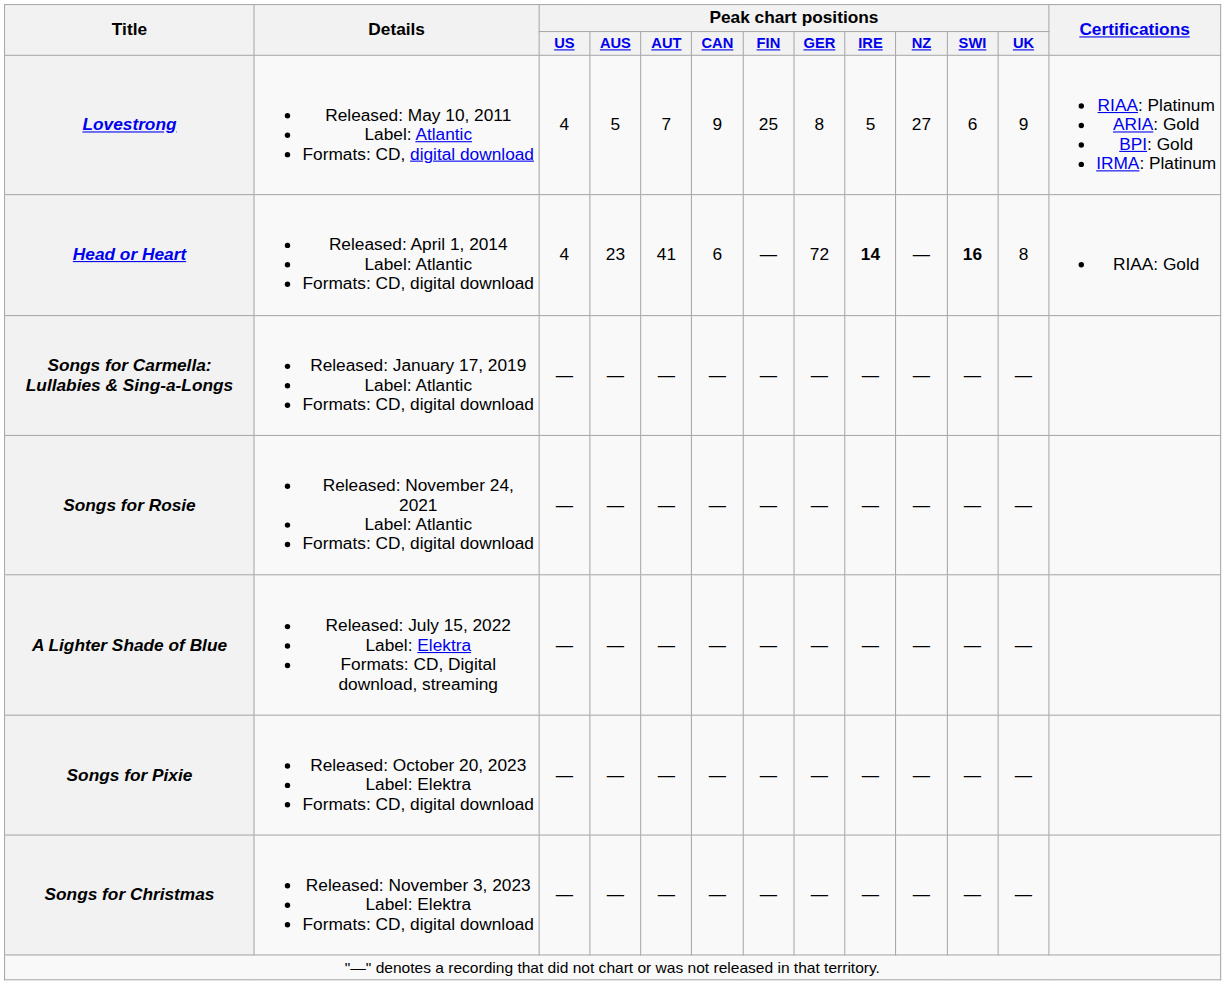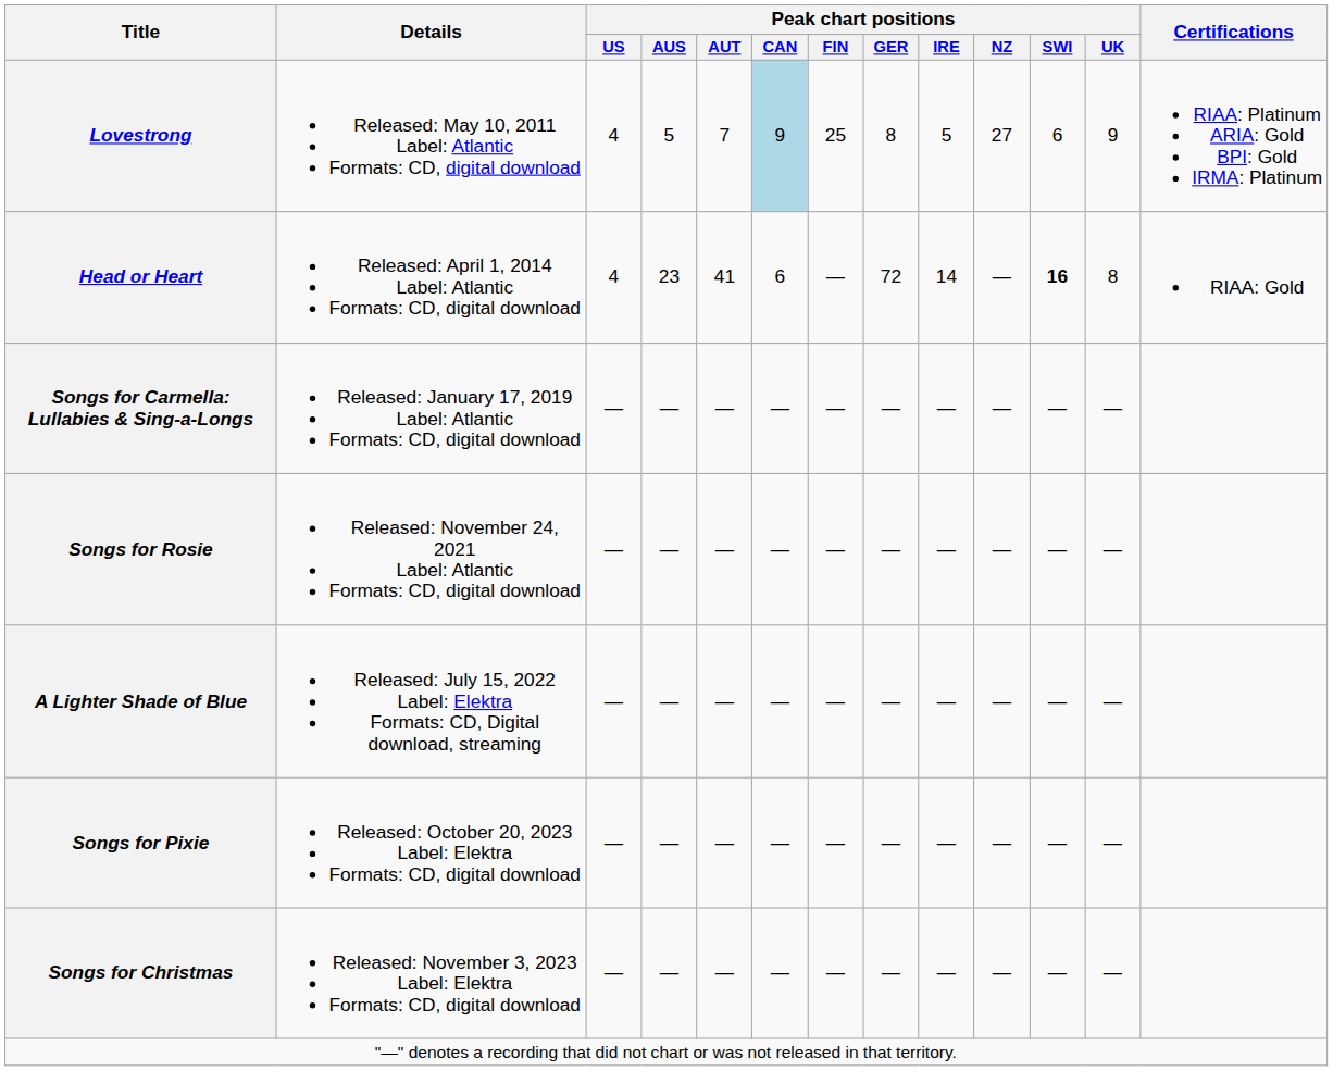 <table class="wikitable plainrowheaders" style="text-align:center;">
 <tr>
 <th scope="col" rowspan="2" style="width:14em;">Title</th>
 <th scope="col" rowspan="2" style="width:16em;">Details</th>
 <th scope="col" colspan="10">Peak chart positions</th>
 <th scope="col" rowspan="2"><a href='#'>Certifications</a></th>
 </tr>
 <tr>
 <th scope="col" style="width:3em;font-size:85%;"><a href='#'>US</a><br></th>
 <th scope="col" style="width:3em;font-size:85%;"><a href='#'>AUS</a><br></th>
 <th scope="col" style="width:3em;font-size:85%;"><a href='#'>AUT</a><br></th>
 <th scope="col" style="width:3em;font-size:85%;"><a href='#'>CAN</a><br></th>
 <th scope="col" style="width:3em;font-size:85%;"><a href='#'>FIN</a><br></th>
 <th scope="col" style="width:3em;font-size:85%;"><a href='#'>GER</a><br></th>
 <th scope="col" style="width:3em;font-size:85%;"><a href='#'>IRE</a><br></th>
 <th scope="col" style="width:3em;font-size:85%;"><a href='#'>NZ</a><br></th>
 <th scope="col" style="width:3em;font-size:85%;"><a href='#'>SWI</a><br></th>
 <th scope="col" style="width:3em;font-size:85%;"><a href='#'>UK</a><br></th>
 </tr>
 <tr>
 <th scope="row"><em><a href='#'>Lovestrong</a></em></th>
 <td><br><ul><li>Released: May 10, 2011</li><li>Label: <a href='#'>Atlantic</a></li><li>Formats: CD, <a href='#'>digital download</a></li></ul></td>
 <td>4</td>
 <td>5</td>
 <td>7</td>
-<td>9</td>
+<td style="background: lightblue;">9</td>
 <td>25</td>
 <td>8</td>
 <td>5</td>
 <td>27</td>
 <td>6</td>
 <td>9</td>
 <td><br><ul><li><a href='#'>RIAA</a>: Platinum</li><li><a href='#'>ARIA</a>: Gold</li><li><a href='#'>BPI</a>: Gold</li><li><a href='#'>IRMA</a>: Platinum</li></ul></td>
 </tr>
 <tr>
 <th scope="row"><em><a href='#'>Head or Heart</a></em></th>
 <td><br><ul><li>Released: April 1, 2014</li><li>Label: Atlantic</li><li>Formats: CD, digital download</li></ul></td>
 <td>4</td>
 <td>23</td>
 <td>41</td>
 <td>6</td>
 <td>—</td>
 <td>72</td>
-<td><strong>14</strong></td>
+<td>14</td>
 <td>—</td>
 <td><strong>16</strong></td>
 <td>8</td>
 <td><br><ul><li>RIAA: Gold</li></ul></td>
 </tr>
 <tr>
 <th scope="row"><em>Songs for Carmella: Lullabies & Sing-a-Longs</em></th>
 <td><br><ul><li>Released: January 17, 2019</li><li>Label: Atlantic</li><li>Formats: CD, digital download</li></ul></td>
 <td>—</td>
 <td>—</td>
 <td>—</td>
 <td>—</td>
 <td>—</td>
 <td>—</td>
 <td>—</td>
 <td>—</td>
 <td>—</td>
 <td>—</td>
 <td></td>
 </tr>
 <tr>
 <th scope="row"><em>Songs for Rosie</em></th>
 <td><br><ul><li>Released: November 24, 2021</li><li>Label: Atlantic</li><li>Formats: CD, digital download</li></ul></td>
 <td>—</td>
 <td>—</td>
 <td>—</td>
 <td>—</td>
 <td>—</td>
 <td>—</td>
 <td>—</td>
 <td>—</td>
 <td>—</td>
 <td>—</td>
 <td></td>
 </tr>
 <tr>
 <th scope="row"><em>A Lighter Shade of Blue</em></th>
 <td><br><ul><li>Released: July 15, 2022</li><li>Label: <a href='#'>Elektra</a></li><li>Formats: CD, Digital download, streaming</li></ul></td>
 <td>—</td>
 <td>—</td>
 <td>—</td>
 <td>—</td>
 <td>—</td>
 <td>—</td>
 <td>—</td>
 <td>—</td>
 <td>—</td>
 <td>—</td>
 <td></td>
 </tr>
 <tr>
 <th scope="row"><em>Songs for Pixie</em></th>
 <td><br><ul><li>Released: October 20, 2023</li><li>Label: Elektra</li><li>Formats: CD, digital download</li></ul></td>
 <td>—</td>
 <td>—</td>
 <td>—</td>
 <td>—</td>
 <td>—</td>
 <td>—</td>
 <td>—</td>
 <td>—</td>
 <td>—</td>
 <td>—</td>
 <td></td>
 </tr>
 <tr>
 <th scope="row"><em>Songs for Christmas</em></th>
 <td><br><ul><li>Released: November 3, 2023</li><li>Label: Elektra</li><li>Formats: CD, digital download</li></ul></td>
 <td>—</td>
 <td>—</td>
 <td>—</td>
 <td>—</td>
 <td>—</td>
 <td>—</td>
 <td>—</td>
 <td>—</td>
 <td>—</td>
 <td>—</td>
 <td></td>
 </tr>
 <tr>
 <td colspan="15" style="font-size:90%">"—" denotes a recording that did not chart or was not released in that territory.</td>
 </tr>
 </table>
